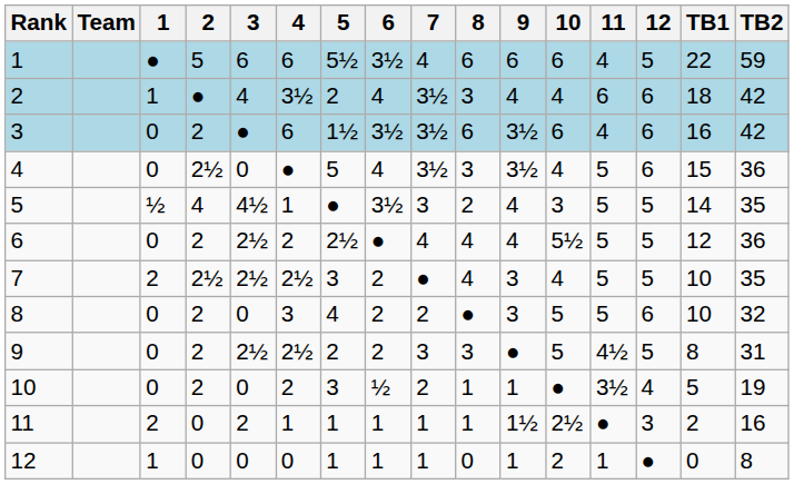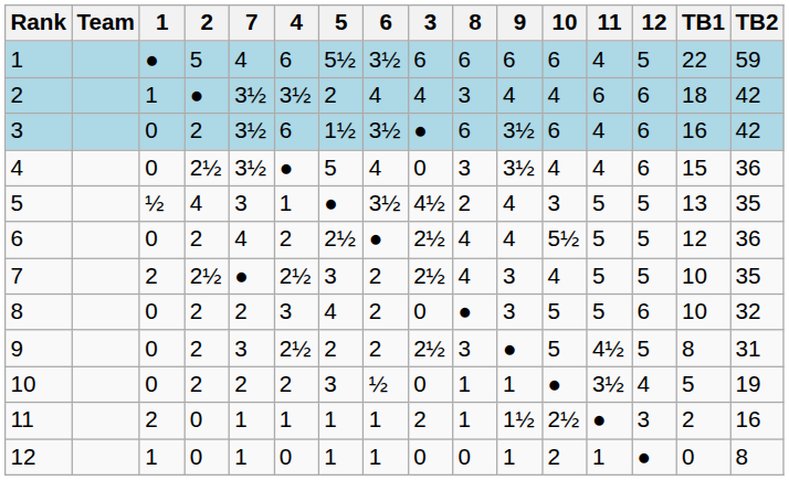 <table class="wikitable">
 <tr>
 <th>Rank</th>
 <th>Team</th>
 <th style="width:1.5em;">1</th>
 <th style="width:1.5em;">2</th>
-<th style="width:1.5em;">3</th>
+<th style="width:1.5em;">7</th>
 <th style="width:1.5em;">4</th>
 <th style="width:1.5em;">5</th>
 <th style="width:1.5em;">6</th>
-<th style="width:1.5em;">7</th>
+<th style="width:1.5em;">3</th>
 <th style="width:1.5em;">8</th>
 <th style="width:1.5em;">9</th>
 <th style="width:1.5em;">10</th>
 <th style="width:1.5em;">11</th>
 <th style="width:1.5em;">12</th>
 <th>TB1</th>
 <th>TB2</th>
 </tr>
 <tr style="background:lightblue">
 <td>1</td>
 <td></td>
 <td>●</td>
 <td>5</td>
-<td>6</td>
+<td>4</td>
 <td>6</td>
 <td>5½</td>
 <td>3½</td>
-<td>4</td>
+<td>6</td>
 <td>6</td>
 <td>6</td>
 <td>6</td>
 <td>4</td>
 <td>5</td>
 <td>22</td>
 <td>59</td>
 </tr>
 <tr style="background:lightblue">
 <td>2</td>
 <td></td>
 <td>1</td>
 <td>●</td>
-<td>4</td>
+<td>3½</td>
 <td>3½</td>
 <td>2</td>
 <td>4</td>
-<td>3½</td>
+<td>4</td>
 <td>3</td>
 <td>4</td>
 <td>4</td>
 <td>6</td>
 <td>6</td>
 <td>18</td>
 <td>42</td>
 </tr>
 <tr style="background:lightblue">
 <td>3</td>
 <td></td>
 <td>0</td>
 <td>2</td>
-<td>●</td>
+<td>3½</td>
 <td>6</td>
 <td>1½</td>
 <td>3½</td>
-<td>3½</td>
+<td>●</td>
 <td>6</td>
 <td>3½</td>
 <td>6</td>
 <td>4</td>
 <td>6</td>
 <td>16</td>
 <td>42</td>
 </tr>
 <tr>
 <td>4</td>
 <td></td>
 <td>0</td>
 <td>2½</td>
-<td>0</td>
+<td>3½</td>
 <td>●</td>
 <td>5</td>
 <td>4</td>
-<td>3½</td>
+<td>0</td>
 <td>3</td>
 <td>3½</td>
 <td>4</td>
-<td>5</td>
+<td>4</td>
 <td>6</td>
 <td>15</td>
 <td>36</td>
 </tr>
 <tr>
 <td>5</td>
 <td></td>
 <td>½</td>
 <td>4</td>
-<td>4½</td>
+<td>3</td>
 <td>1</td>
 <td>●</td>
 <td>3½</td>
-<td>3</td>
+<td>4½</td>
 <td>2</td>
 <td>4</td>
 <td>3</td>
 <td>5</td>
 <td>5</td>
-<td>14</td>
+<td>13</td>
 <td>35</td>
 </tr>
 <tr>
 <td>6</td>
 <td></td>
 <td>0</td>
 <td>2</td>
-<td>2½</td>
+<td>4</td>
 <td>2</td>
 <td>2½</td>
 <td>●</td>
-<td>4</td>
+<td>2½</td>
 <td>4</td>
 <td>4</td>
 <td>5½</td>
 <td>5</td>
 <td>5</td>
 <td>12</td>
 <td>36</td>
 </tr>
 <tr>
 <td>7</td>
 <td></td>
 <td>2</td>
 <td>2½</td>
-<td>2½</td>
+<td>●</td>
 <td>2½</td>
 <td>3</td>
 <td>2</td>
-<td>●</td>
+<td>2½</td>
 <td>4</td>
 <td>3</td>
 <td>4</td>
 <td>5</td>
 <td>5</td>
 <td>10</td>
 <td>35</td>
 </tr>
 <tr>
 <td>8</td>
 <td></td>
 <td>0</td>
 <td>2</td>
-<td>0</td>
+<td>2</td>
 <td>3</td>
 <td>4</td>
 <td>2</td>
-<td>2</td>
+<td>0</td>
 <td>●</td>
 <td>3</td>
 <td>5</td>
 <td>5</td>
 <td>6</td>
 <td>10</td>
 <td>32</td>
 </tr>
 <tr>
 <td>9</td>
 <td></td>
 <td>0</td>
 <td>2</td>
-<td>2½</td>
+<td>3</td>
 <td>2½</td>
 <td>2</td>
 <td>2</td>
-<td>3</td>
+<td>2½</td>
 <td>3</td>
 <td>●</td>
 <td>5</td>
 <td>4½</td>
 <td>5</td>
 <td>8</td>
 <td>31</td>
 </tr>
 <tr>
 <td>10</td>
 <td></td>
 <td>0</td>
 <td>2</td>
-<td>0</td>
+<td>2</td>
 <td>2</td>
 <td>3</td>
 <td>½</td>
-<td>2</td>
+<td>0</td>
 <td>1</td>
 <td>1</td>
 <td>●</td>
 <td>3½</td>
 <td>4</td>
 <td>5</td>
 <td>19</td>
 </tr>
 <tr>
 <td>11</td>
 <td></td>
 <td>2</td>
 <td>0</td>
-<td>2</td>
 <td>1</td>
 <td>1</td>
 <td>1</td>
 <td>1</td>
+<td>2</td>
 <td>1</td>
 <td>1½</td>
 <td>2½</td>
 <td>●</td>
 <td>3</td>
 <td>2</td>
 <td>16</td>
 </tr>
 <tr>
 <td>12</td>
 <td></td>
 <td>1</td>
 <td>0</td>
-<td>0</td>
+<td>1</td>
 <td>0</td>
 <td>1</td>
 <td>1</td>
-<td>1</td>
+<td>0</td>
 <td>0</td>
 <td>1</td>
 <td>2</td>
 <td>1</td>
 <td>●</td>
 <td>0</td>
 <td>8</td>
 </tr>
 </table>
